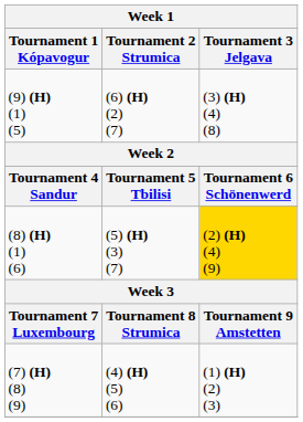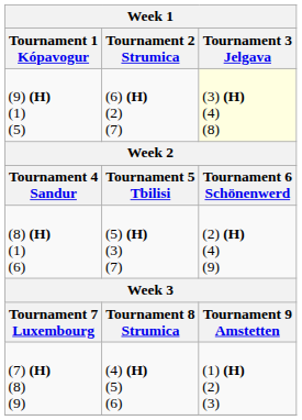 <table class="wikitable">
 <tr>
 <th colspan="3">Week 1</th>
 </tr>
 <tr>
 <th width=33%>Tournament 1<br> <a href='#'>Kópavogur</a></th>
 <th width=33%>Tournament 2<br> <a href='#'>Strumica</a></th>
 <th width=33%>Tournament 3<br> <a href='#'>Jelgava</a></th>
 </tr>
 <tr>
 <td><br> (9) <strong>(H)</strong><br>  (1)<br>  (5)</td>
 <td><br> (6) <strong>(H)</strong><br>  (2)<br>  (7)</td>
-<td><br> (3) <strong>(H)</strong><br>  (4)<br>  (8)</td>
+<td style="background: lightyellow;"><br> (3) <strong>(H)</strong><br>  (4)<br>  (8)</td>
 </tr>
 <tr>
 <th colspan="3">Week 2</th>
 </tr>
 <tr>
 <th>Tournament 4<br> <a href='#'>Sandur</a></th>
 <th>Tournament 5<br> <a href='#'>Tbilisi</a></th>
 <th>Tournament 6<br> <a href='#'>Schönenwerd</a></th>
 </tr>
 <tr>
 <td><br> (8) <strong>(H)</strong><br>  (1)<br>  (6)</td>
 <td><br> (5) <strong>(H)</strong><br>  (3)<br>  (7)</td>
-<td style="background: gold;"><br> (2) <strong>(H)</strong><br>  (4)<br>  (9)</td>
+<td><br> (2) <strong>(H)</strong><br>  (4)<br>  (9)</td>
 </tr>
 <tr>
 <th colspan="3">Week 3</th>
 </tr>
 <tr>
 <th>Tournament 7<br> <a href='#'>Luxembourg</a></th>
 <th>Tournament 8<br> <a href='#'>Strumica</a></th>
 <th>Tournament 9<br> <a href='#'>Amstetten</a></th>
 </tr>
 <tr>
 <td><br> (7) <strong>(H)</strong><br>  (8)<br>  (9)</td>
 <td><br> (4) <strong>(H)</strong><br>  (5)<br>  (6)</td>
 <td><br> (1) <strong>(H)</strong><br>  (2)<br>  (3)</td>
 </tr>
 <tr>
 </tr>
 </table>
